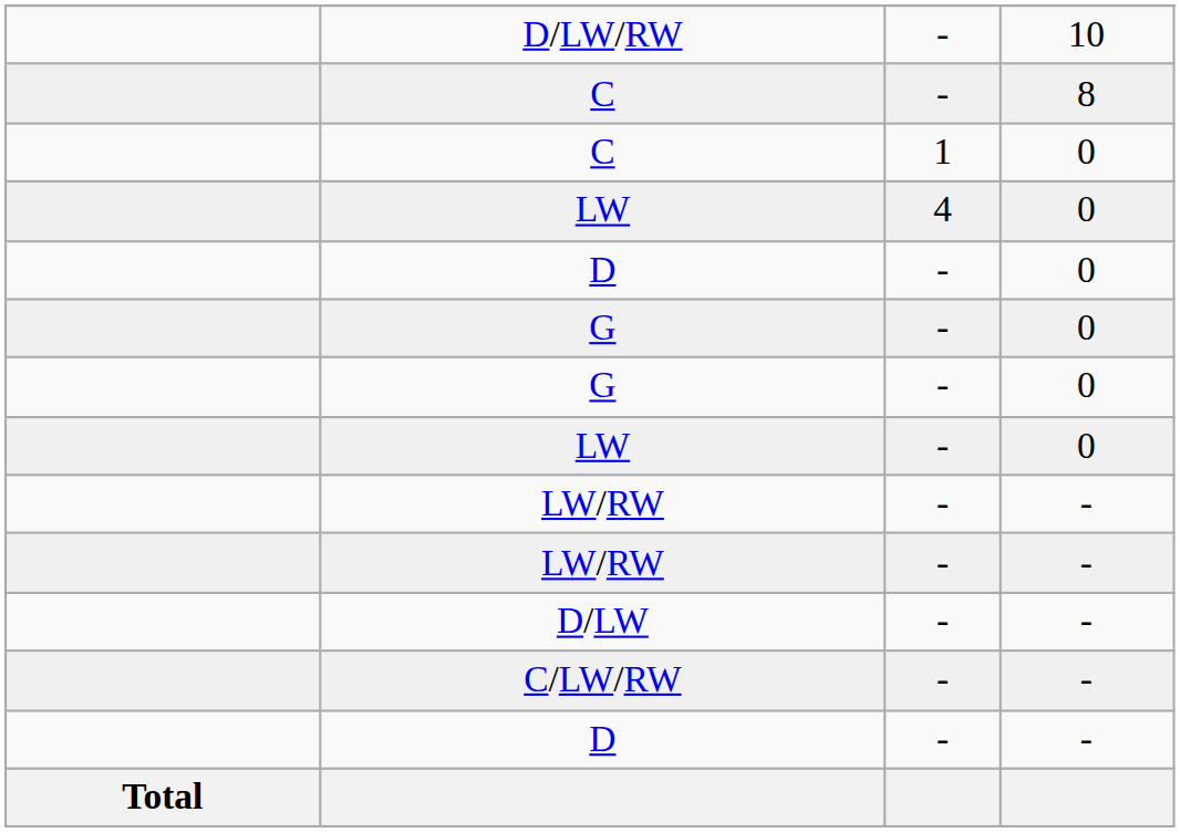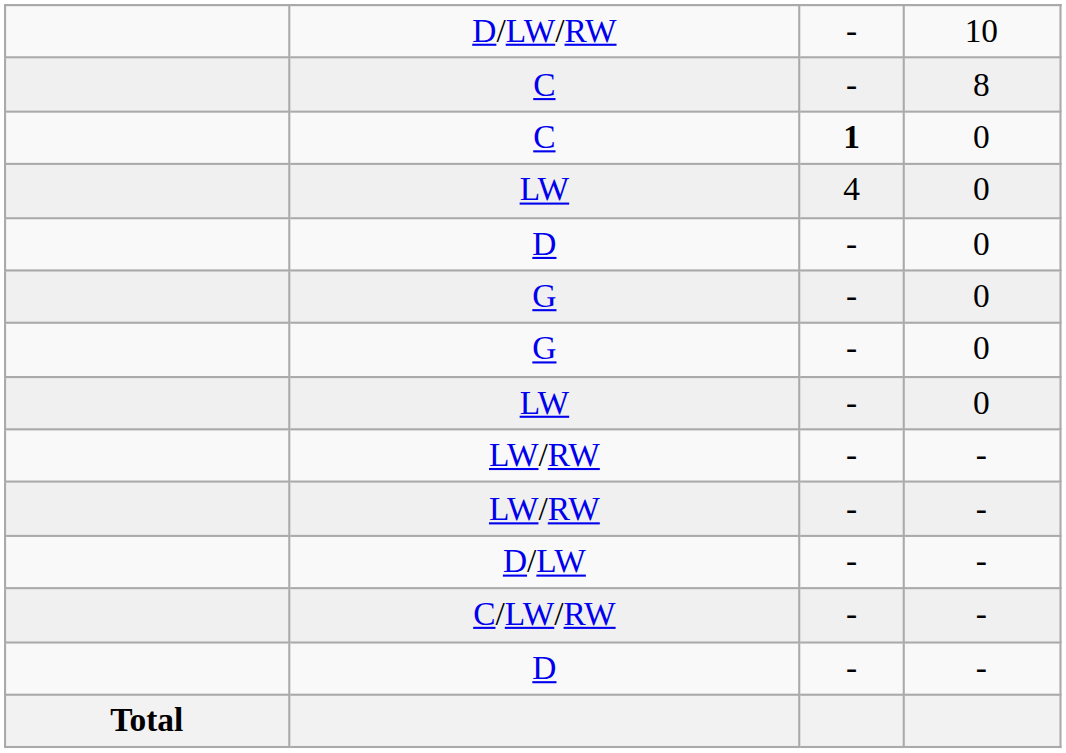 <table class="wikitable sortable" width ="40%">
 <tr align="center">
 </tr>
 <tr align="center" bgcolor="">
 <td></td>
 <td><a href='#'>D</a>/<a href='#'>LW</a>/<a href='#'>RW</a></td>
 <td>-</td>
 <td>10</td>
 </tr>
 <tr align="center" bgcolor="f0f0f0">
 <td></td>
 <td><a href='#'>C</a></td>
 <td>-</td>
 <td>8</td>
 </tr>
 <tr align="center" bgcolor="">
 <td></td>
 <td><a href='#'>C</a></td>
-<td>1</td>
+<td><strong>1</strong></td>
 <td>0</td>
 </tr>
 <tr align="center" bgcolor="f0f0f0">
 <td></td>
 <td><a href='#'>LW</a></td>
 <td>4</td>
 <td>0</td>
 </tr>
 <tr align="center" bgcolor="">
 <td></td>
 <td><a href='#'>D</a></td>
 <td>-</td>
 <td>0</td>
 </tr>
 <tr align="center" bgcolor="f0f0f0">
 <td></td>
 <td><a href='#'>G</a></td>
 <td>-</td>
 <td>0</td>
 </tr>
 <tr align="center" bgcolor="">
 <td></td>
 <td><a href='#'>G</a></td>
 <td>-</td>
 <td>0</td>
 </tr>
 <tr align="center" bgcolor="f0f0f0">
 <td></td>
 <td><a href='#'>LW</a></td>
 <td>-</td>
 <td>0</td>
 </tr>
 <tr align="center" bgcolor="">
 <td></td>
 <td><a href='#'>LW</a>/<a href='#'>RW</a></td>
 <td>-</td>
 <td>-</td>
 </tr>
 <tr align="center" bgcolor="f0f0f0">
 <td></td>
 <td><a href='#'>LW</a>/<a href='#'>RW</a></td>
 <td>-</td>
 <td>-</td>
 </tr>
 <tr align="center" bgcolor="">
 <td></td>
 <td><a href='#'>D</a>/<a href='#'>LW</a></td>
 <td>-</td>
 <td>-</td>
 </tr>
 <tr align="center" bgcolor="f0f0f0">
 <td></td>
 <td><a href='#'>C</a>/<a href='#'>LW</a>/<a href='#'>RW</a></td>
 <td>-</td>
 <td>-</td>
 </tr>
 <tr align="center" bgcolor="">
 <td></td>
 <td><a href='#'>D</a></td>
 <td>-</td>
 <td>-</td>
 </tr>
 <tr>
 <th>Total</th>
 <th></th>
 <th></th>
 <th></th>
 </tr>
 </table>
